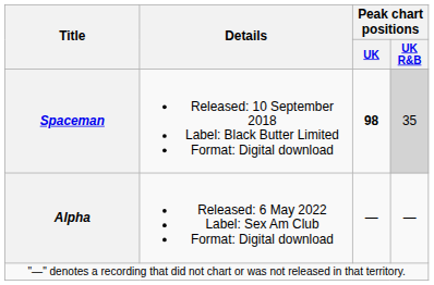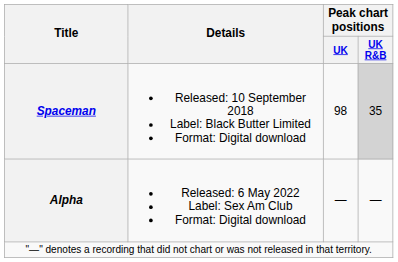 <table class="wikitable plainrowheaders" style="text-align:center;">
 <tr>
 <th scope="col" rowspan="2" style="width:10em;">Title</th>
 <th scope="col" rowspan="2" style="width:16em;">Details</th>
 <th scope="col" colspan="2">Peak chart positions</th>
 </tr>
 <tr>
 <th scope="col" style="width:3em;font-size:85%;"><a href='#'>UK</a><br></th>
 <th scope="col" style="width:3em;font-size:85%;"><a href='#'>UK R&B</a></th>
 </tr>
 <tr>
 <th scope="row"><em><a href='#'>Spaceman</a></em></th>
 <td><br><ul><li>Released: 10 September 2018</li><li>Label: Black Butter Limited</li><li>Format: Digital download</li></ul></td>
-<td><strong>98</strong></td>
+<td>98</td>
 <td style="background: lightgrey;">35</td>
 </tr>
 <tr>
 <th scope="row"><em>Alpha</em></th>
 <td><br><ul><li>Released: 6 May 2022</li><li>Label: Sex Am Club</li><li>Format: Digital download</li></ul></td>
 <td>—</td>
 <td>—</td>
 </tr>
 <tr>
 <td colspan="10" style="font-size:85%">"—" denotes a recording that did not chart or was not released in that territory.</td>
 </tr>
 </table>
